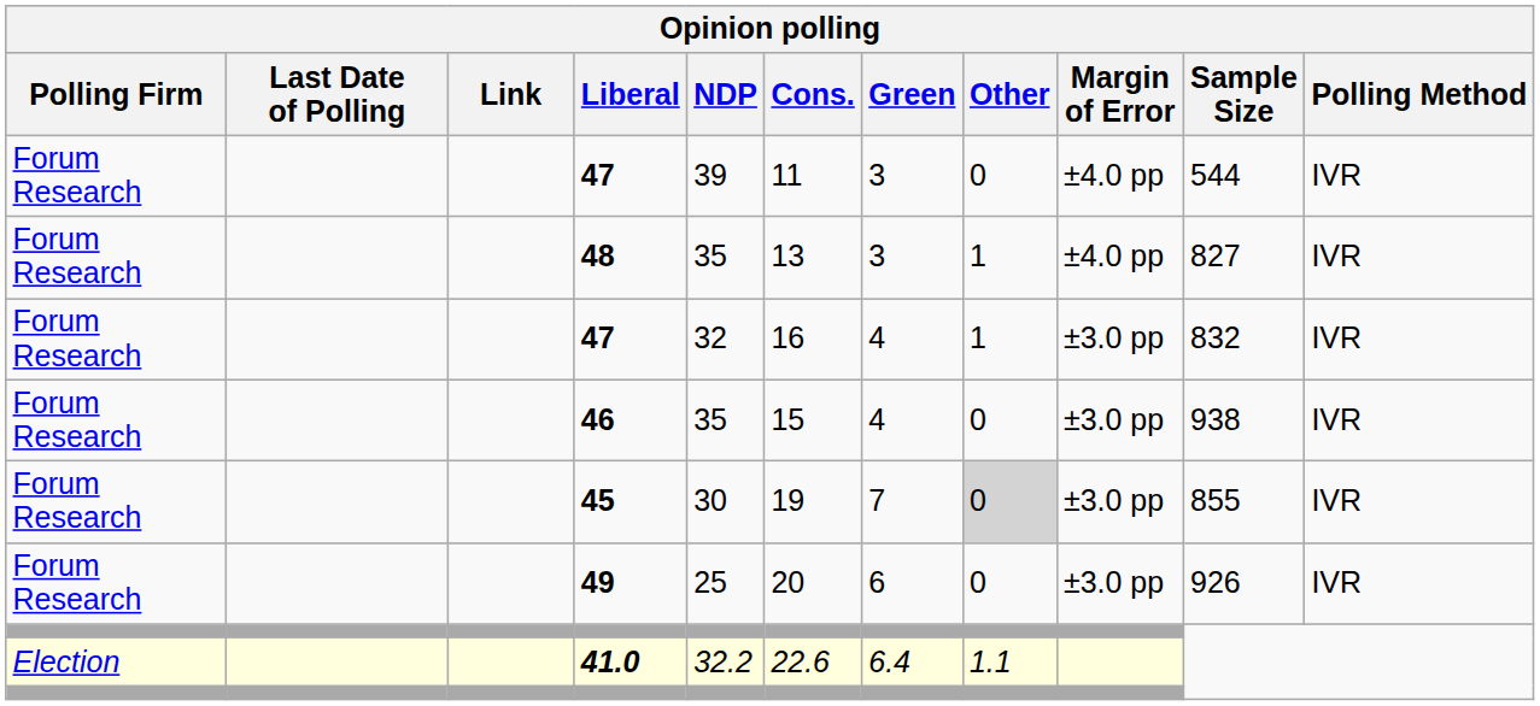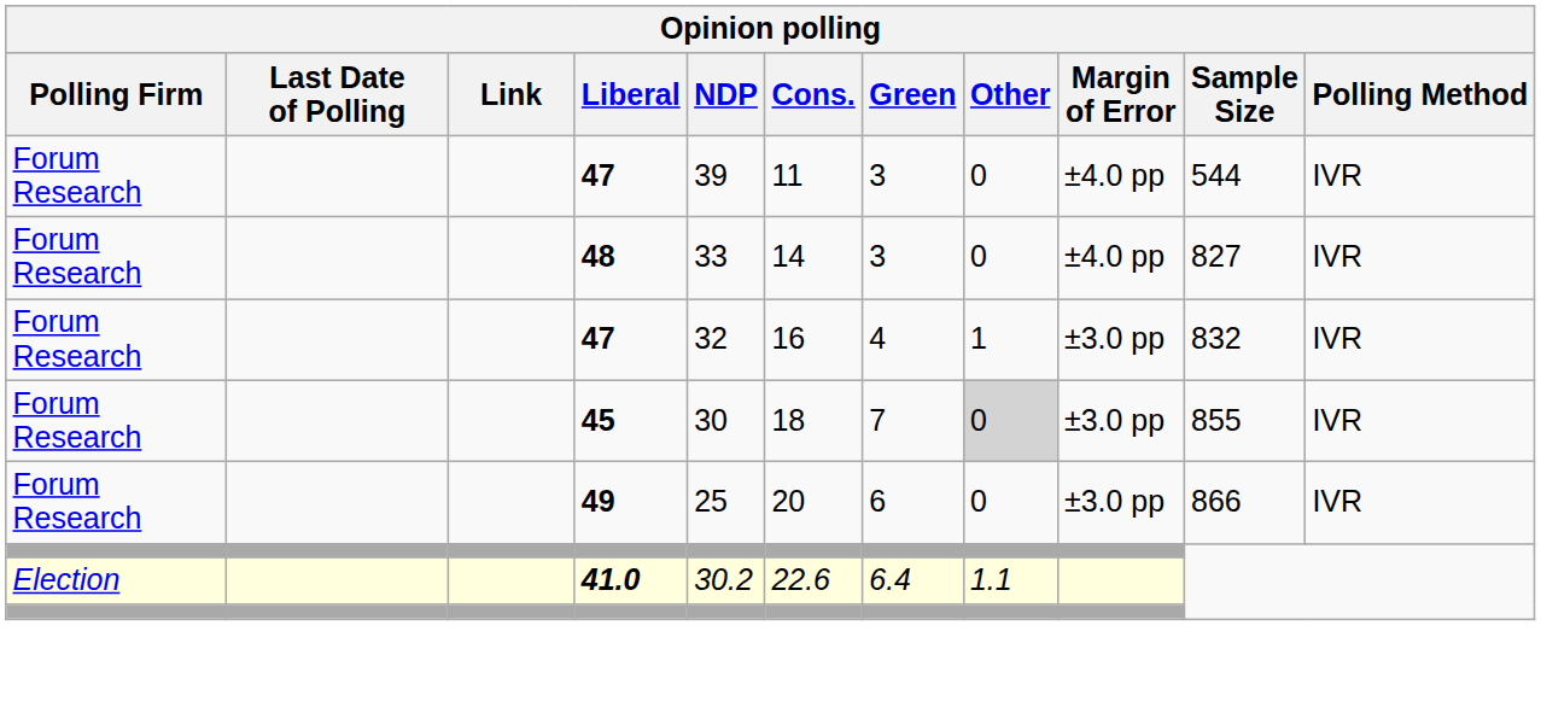 <table class="wikitable collapsible sortable collapsed">
 <tr style="background:#e9e9e9;">
 <th style="width:640px,;" colspan="11">Opinion polling</th>
 </tr>
 <tr style="background:#e9e9e9;">
 <th style="width:110px">Polling Firm</th>
 <th style="width:110px">Last Date<br>of Polling</th>
 <th style="width:60px" class="unsortable">Link</th>
 <th style="background-color:"><a href='#'>Liberal</a></th>
 <th style="background-color:"><a href='#'>NDP</a></th>
 <th style="background-color:"><a href='#'>Cons.</a></th>
 <th style="background-color:"><a href='#'>Green</a></th>
 <th style="background-color:"><a href='#'>Other</a></th>
 <th style="width:60px;" class=unsortable>Margin<br>of Error</th>
 <th style="width:50px;" class=unsortable>Sample<br>Size</th>
 <th class=unsortable>Polling Method</th>
 </tr>
 <tr>
 <td><a href='#'>Forum Research</a></td>
 <td></td>
 <td></td>
 <td><strong>47</strong></td>
 <td>39</td>
 <td>11</td>
 <td>3</td>
 <td>0</td>
 <td>±4.0 pp</td>
 <td>544</td>
 <td>IVR</td>
 </tr>
 <tr>
 <td><a href='#'>Forum Research</a></td>
 <td></td>
 <td></td>
 <td><strong>48</strong></td>
-<td>35</td>
-<td>13</td>
+<td>33</td>
+<td>14</td>
 <td>3</td>
-<td>1</td>
+<td>0</td>
 <td>±4.0 pp</td>
 <td>827</td>
 <td>IVR</td>
 </tr>
 <tr>
 <td><a href='#'>Forum Research</a></td>
 <td></td>
 <td></td>
 <td><strong>47</strong></td>
 <td>32</td>
 <td>16</td>
 <td>4</td>
 <td>1</td>
 <td>±3.0 pp</td>
 <td>832</td>
 <td>IVR</td>
 </tr>
 <tr>
 <td><a href='#'>Forum Research</a></td>
 <td></td>
 <td></td>
-<td><strong>46</strong></td>
-<td>35</td>
-<td>15</td>
-<td>4</td>
-<td>0</td>
-<td>±3.0 pp</td>
-<td>938</td>
-<td>IVR</td>
-</tr>
-<tr>
-<td><a href='#'>Forum Research</a></td>
-<td></td>
-<td></td>
 <td><strong>45</strong></td>
 <td>30</td>
-<td>19</td>
+<td>18</td>
 <td>7</td>
 <td style="background: lightgrey;">0</td>
 <td>±3.0 pp</td>
 <td>855</td>
 <td>IVR</td>
 </tr>
 <tr>
 <td><a href='#'>Forum Research</a></td>
 <td></td>
 <td></td>
 <td><strong>49</strong></td>
 <td>25</td>
 <td>20</td>
 <td>6</td>
 <td>0</td>
 <td>±3.0 pp</td>
-<td>926</td>
+<td>866</td>
 <td>IVR</td>
 </tr>
 <tr style="background:Darkgrey;">
 <td></td>
 <td></td>
 <td></td>
 <td></td>
 <td></td>
 <td></td>
 <td></td>
 <td></td>
 <td></td>
 </tr>
 <tr>
 <td style="background:#ffd;"><em><a href='#'>Election</a></em></td>
 <td style="background:#ffd;"></td>
 <td style="background:#ffd;"></td>
 <td style="background:#ffd;"><strong><em>41.0</em></strong></td>
-<td style="background:#ffd;"><em>32.2</em></td>
+<td style="background:#ffd;"><em>30.2</em></td>
 <td style="background:#ffd;"><em>22.6</em></td>
 <td style="background:#ffd;"><em>6.4</em></td>
 <td style="background:#ffd;"><em>1.1</em></td>
 <td style="background:#ffd;"></td>
 </tr>
 <tr style="background:Darkgrey;">
 <td></td>
 <td></td>
 <td></td>
 <td></td>
 <td></td>
 <td></td>
 <td></td>
 <td></td>
 <td></td>
 </tr>
 </table>
